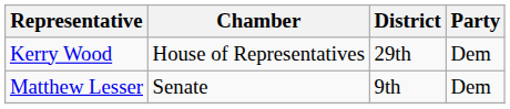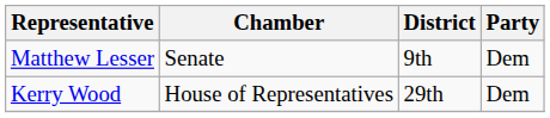 <table class="wikitable">
 <tr>
 <th>Representative</th>
 <th>Chamber</th>
 <th>District</th>
 <th>Party</th>
 </tr>
 <tr>
+<td><a href='#'>Matthew Lesser</a></td>
+<td>Senate</td>
+<td>9th</td>
+<td>Dem</td>
+</tr>
+<tr>
 <td><a href='#'>Kerry Wood</a></td>
 <td>House of Representatives</td>
 <td>29th</td>
 <td>Dem</td>
 </tr>
 <tr>
-<td><a href='#'>Matthew Lesser</a></td>
-<td>Senate</td>
-<td>9th</td>
-<td>Dem</td>
-</tr>
-<tr>
 </tr>
 </table>
